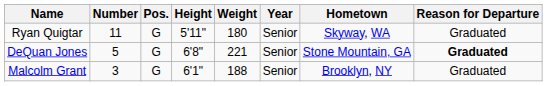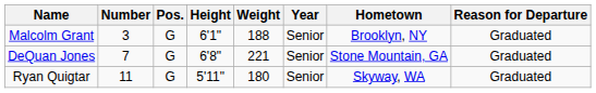 <table class="wikitable sortable" border="1" style="text-align:center;">
 <tr align=center>
 <th>Name</th>
 <th>Number</th>
 <th>Pos.</th>
 <th>Height</th>
 <th>Weight</th>
 <th>Year</th>
 <th>Hometown</th>
 <th>Reason for Departure</th>
 </tr>
 <tr>
+<td><a href='#'>Malcolm Grant</a></td>
+<td>3</td>
+<td>G</td>
+<td>6'1"</td>
+<td>188</td>
+<td>Senior</td>
+<td><a href='#'>Brooklyn</a>, <a href='#'>NY</a></td>
+<td>Graduated</td>
+</tr>
+<tr>
+<td><a href='#'>DeQuan Jones</a></td>
+<td>7</td>
+<td>G</td>
+<td>6'8"</td>
+<td>221</td>
+<td>Senior</td>
+<td><a href='#'>Stone Mountain, GA</a></td>
+<td>Graduated</td>
+</tr>
+<tr>
 <td>Ryan Quigtar</td>
 <td>11</td>
 <td>G</td>
 <td>5'11"</td>
 <td>180</td>
 <td>Senior</td>
 <td><a href='#'>Skyway</a>, <a href='#'>WA</a></td>
 <td>Graduated</td>
 </tr>
-<tr>
-<td><a href='#'>DeQuan Jones</a></td>
-<td>5</td>
-<td>G</td>
-<td>6'8"</td>
-<td>221</td>
-<td>Senior</td>
-<td><a href='#'>Stone Mountain, GA</a></td>
-<td><strong>Graduated</strong></td>
-</tr>
-<tr>
-<td><a href='#'>Malcolm Grant</a></td>
-<td>3</td>
-<td>G</td>
-<td>6'1"</td>
-<td>188</td>
-<td>Senior</td>
-<td><a href='#'>Brooklyn</a>, <a href='#'>NY</a></td>
-<td>Graduated</td>
-</tr>
 </table>
